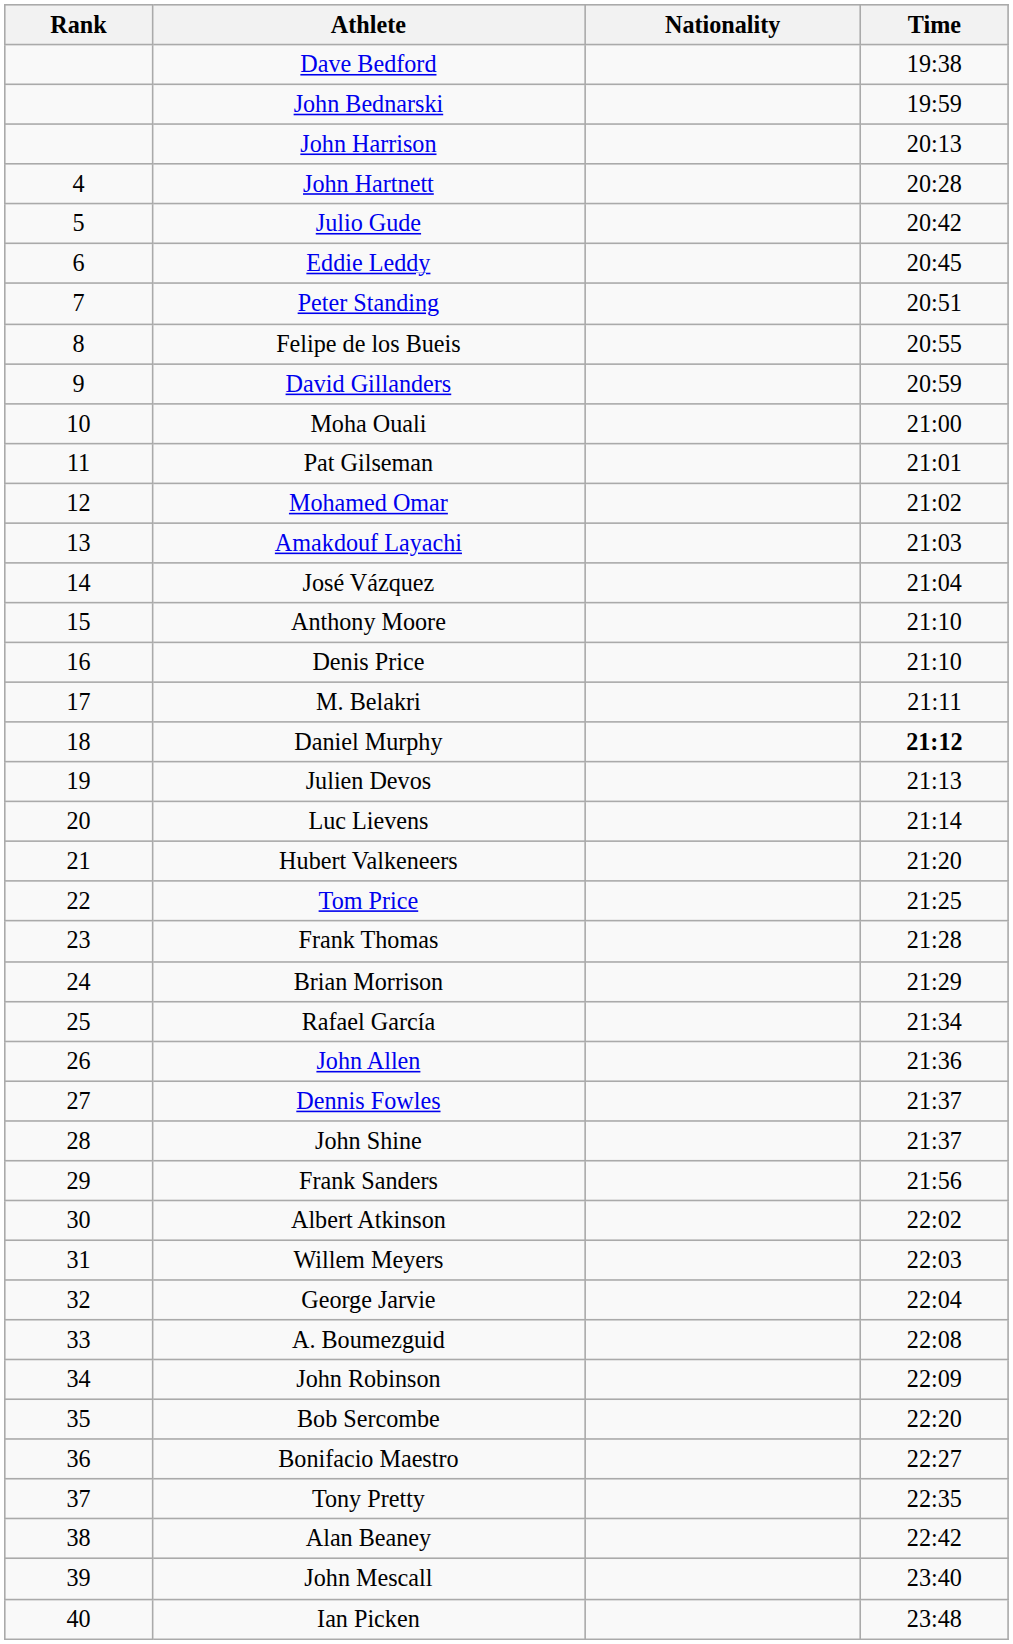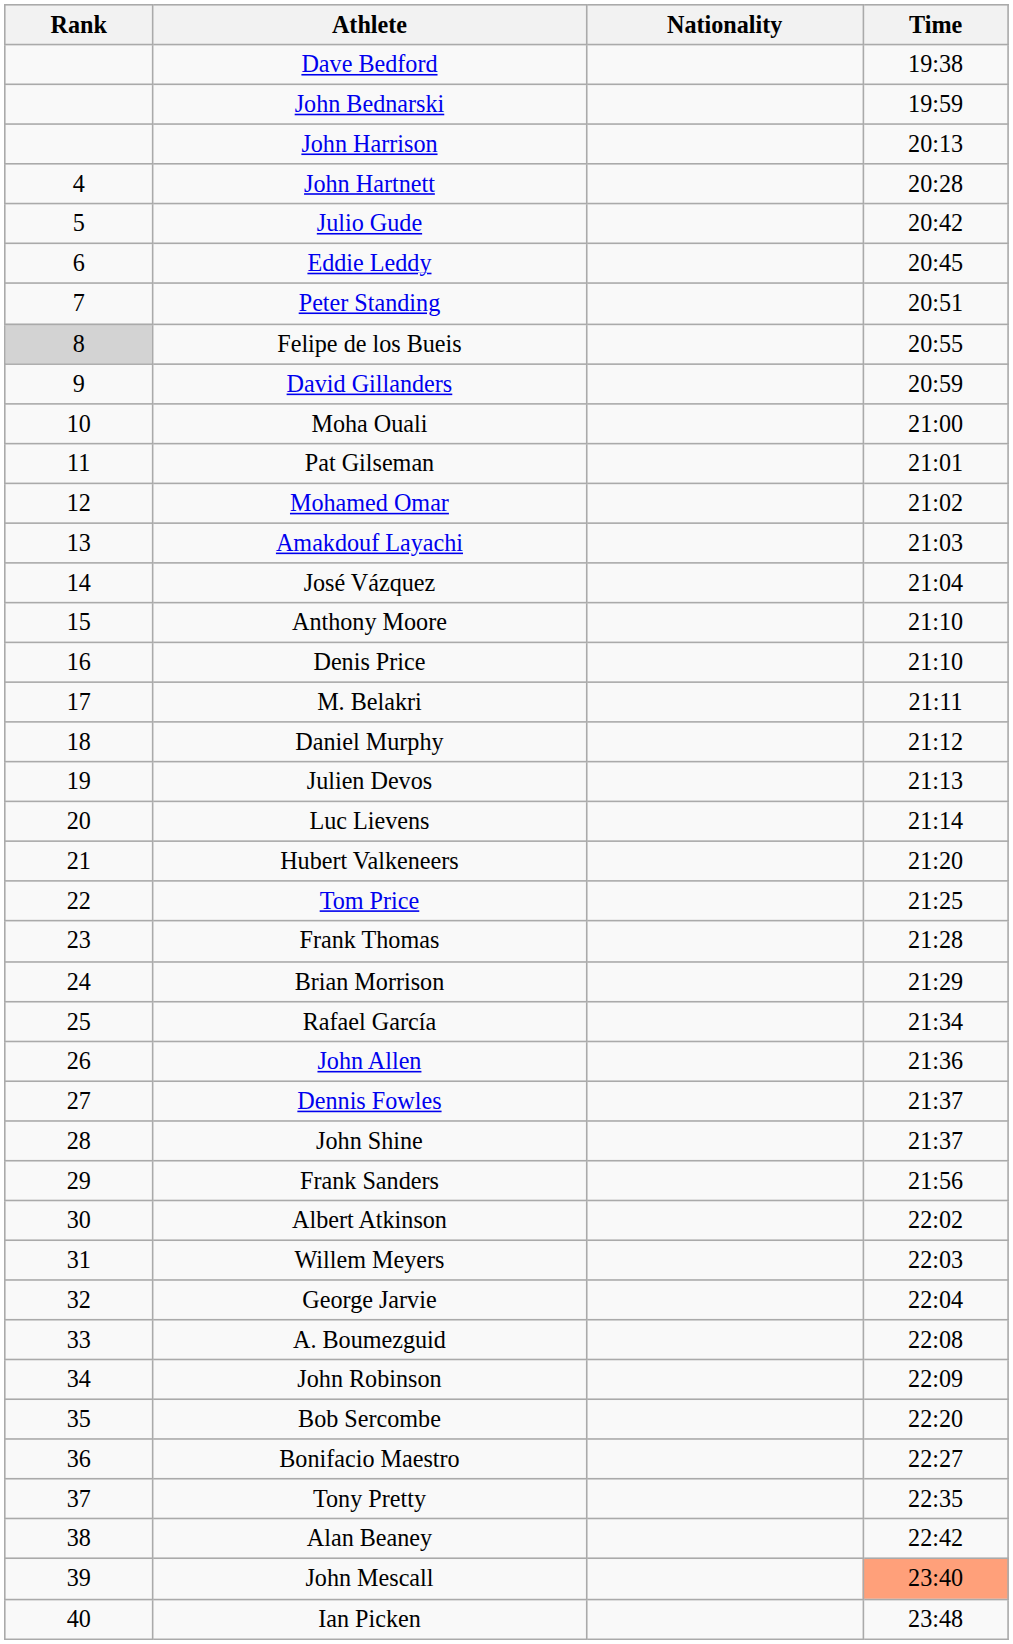 <table class="wikitable sortable" style=" text-align:center; font-size:95%;" width="50%">
 <tr>
 <th>Rank</th>
 <th>Athlete</th>
 <th>Nationality</th>
 <th>Time</th>
 </tr>
 <tr>
 <td align=center></td>
 <td><a href='#'>Dave Bedford</a></td>
 <td></td>
 <td>19:38</td>
 </tr>
 <tr>
 <td align=center></td>
 <td><a href='#'>John Bednarski</a></td>
 <td></td>
 <td>19:59</td>
 </tr>
 <tr>
 <td align=center></td>
 <td><a href='#'>John Harrison</a></td>
 <td></td>
 <td>20:13</td>
 </tr>
 <tr>
 <td align=center>4</td>
 <td><a href='#'>John Hartnett</a></td>
 <td></td>
 <td>20:28</td>
 </tr>
 <tr>
 <td align=center>5</td>
 <td><a href='#'>Julio Gude</a></td>
 <td></td>
 <td>20:42</td>
 </tr>
 <tr>
 <td align=center>6</td>
 <td><a href='#'>Eddie Leddy</a></td>
 <td></td>
 <td>20:45</td>
 </tr>
 <tr>
 <td align=center>7</td>
 <td><a href='#'>Peter Standing</a></td>
 <td></td>
 <td>20:51</td>
 </tr>
 <tr>
-<td align=center>8</td>
+<td align=center style="background: lightgrey;">8</td>
 <td>Felipe de los Bueis</td>
 <td></td>
 <td>20:55</td>
 </tr>
 <tr>
 <td align=center>9</td>
 <td><a href='#'>David Gillanders</a></td>
 <td></td>
 <td>20:59</td>
 </tr>
 <tr>
 <td align=center>10</td>
 <td>Moha Ouali</td>
 <td></td>
 <td>21:00</td>
 </tr>
 <tr>
 <td align=center>11</td>
 <td>Pat Gilseman</td>
 <td></td>
 <td>21:01</td>
 </tr>
 <tr>
 <td align=center>12</td>
 <td><a href='#'>Mohamed Omar</a></td>
 <td></td>
 <td>21:02</td>
 </tr>
 <tr>
 <td align=center>13</td>
 <td><a href='#'>Amakdouf Layachi</a></td>
 <td></td>
 <td>21:03</td>
 </tr>
 <tr>
 <td align=center>14</td>
 <td>José Vázquez</td>
 <td></td>
 <td>21:04</td>
 </tr>
 <tr>
 <td align=center>15</td>
 <td>Anthony Moore</td>
 <td></td>
 <td>21:10</td>
 </tr>
 <tr>
 <td align=center>16</td>
 <td>Denis Price</td>
 <td></td>
 <td>21:10</td>
 </tr>
 <tr>
 <td align=center>17</td>
 <td>M. Belakri</td>
 <td></td>
 <td>21:11</td>
 </tr>
 <tr>
 <td align=center>18</td>
 <td>Daniel Murphy</td>
 <td></td>
-<td><strong>21:12</strong></td>
+<td>21:12</td>
 </tr>
 <tr>
 <td align=center>19</td>
 <td>Julien Devos</td>
 <td></td>
 <td>21:13</td>
 </tr>
 <tr>
 <td align=center>20</td>
 <td>Luc Lievens</td>
 <td></td>
 <td>21:14</td>
 </tr>
 <tr>
 <td align=center>21</td>
 <td>Hubert Valkeneers</td>
 <td></td>
 <td>21:20</td>
 </tr>
 <tr>
 <td align=center>22</td>
 <td><a href='#'>Tom Price</a></td>
 <td></td>
 <td>21:25</td>
 </tr>
 <tr>
 <td align=center>23</td>
 <td>Frank Thomas</td>
 <td></td>
 <td>21:28</td>
 </tr>
 <tr>
 <td align=center>24</td>
 <td>Brian Morrison</td>
 <td></td>
 <td>21:29</td>
 </tr>
 <tr>
 <td align=center>25</td>
 <td>Rafael García</td>
 <td></td>
 <td>21:34</td>
 </tr>
 <tr>
 <td align=center>26</td>
 <td><a href='#'>John Allen</a></td>
 <td></td>
 <td>21:36</td>
 </tr>
 <tr>
 <td align=center>27</td>
 <td><a href='#'>Dennis Fowles</a></td>
 <td></td>
 <td>21:37</td>
 </tr>
 <tr>
 <td align=center>28</td>
 <td>John Shine</td>
 <td></td>
 <td>21:37</td>
 </tr>
 <tr>
 <td align=center>29</td>
 <td>Frank Sanders</td>
 <td></td>
 <td>21:56</td>
 </tr>
 <tr>
 <td align=center>30</td>
 <td>Albert Atkinson</td>
 <td></td>
 <td>22:02</td>
 </tr>
 <tr>
 <td align=center>31</td>
 <td>Willem Meyers</td>
 <td></td>
 <td>22:03</td>
 </tr>
 <tr>
 <td align=center>32</td>
 <td>George Jarvie</td>
 <td></td>
 <td>22:04</td>
 </tr>
 <tr>
 <td align=center>33</td>
 <td>A. Boumezguid</td>
 <td></td>
 <td>22:08</td>
 </tr>
 <tr>
 <td align=center>34</td>
 <td>John Robinson</td>
 <td></td>
 <td>22:09</td>
 </tr>
 <tr>
 <td align=center>35</td>
 <td>Bob Sercombe</td>
 <td></td>
 <td>22:20</td>
 </tr>
 <tr>
 <td align=center>36</td>
 <td>Bonifacio Maestro</td>
 <td></td>
 <td>22:27</td>
 </tr>
 <tr>
 <td align=center>37</td>
 <td>Tony Pretty</td>
 <td></td>
 <td>22:35</td>
 </tr>
 <tr>
 <td align=center>38</td>
 <td>Alan Beaney</td>
 <td></td>
 <td>22:42</td>
 </tr>
 <tr>
 <td align=center>39</td>
 <td>John Mescall</td>
 <td></td>
-<td>23:40</td>
+<td style="background: lightsalmon;">23:40</td>
 </tr>
 <tr>
 <td align=center>40</td>
 <td>Ian Picken</td>
 <td></td>
 <td>23:48</td>
 </tr>
 </table>
